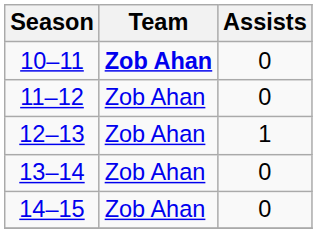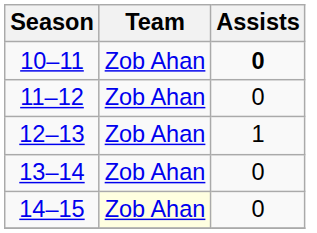 <table class="wikitable" style="text-align: center;">
 <tr>
 <th>Season</th>
 <th>Team</th>
 <th>Assists</th>
 </tr>
 <tr>
 <td><a href='#'>10–11</a></td>
-<td align="left"><strong><a href='#'>Zob Ahan</a></strong></td>
-<td>0</td>
+<td align="left"><a href='#'>Zob Ahan</a></td>
+<td><strong>0</strong></td>
 </tr>
 <tr>
 <td><a href='#'>11–12</a></td>
 <td align="left"><a href='#'>Zob Ahan</a></td>
 <td>0</td>
 </tr>
 <tr>
 <td><a href='#'>12–13</a></td>
 <td align="left"><a href='#'>Zob Ahan</a></td>
 <td>1</td>
 </tr>
 <tr>
 <td><a href='#'>13–14</a></td>
 <td align="left"><a href='#'>Zob Ahan</a></td>
 <td>0</td>
 </tr>
 <tr>
 <td><a href='#'>14–15</a></td>
-<td align="left"><a href='#'>Zob Ahan</a></td>
+<td align="left" style="background: lightyellow;"><a href='#'>Zob Ahan</a></td>
 <td>0</td>
 </tr>
 <tr>
 </tr>
 </table>
